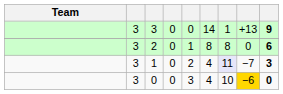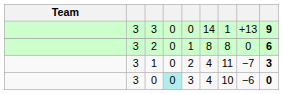 <table class="wikitable" style="text-align: center;">
 <tr>
 <th width=175>Team</th>
 <th width=20></th>
 <th width=20></th>
 <th width=20></th>
 <th width=20></th>
 <th width=20></th>
 <th width=20></th>
 <th width=20></th>
 <th width=20></th>
 </tr>
 <tr bgcolor="#ccffcc">
 <td style="text-align:left;"><em></em></td>
 <td>3</td>
 <td>3</td>
 <td>0</td>
 <td>0</td>
 <td>14</td>
 <td>1</td>
 <td>+13</td>
 <td><strong>9</strong></td>
 </tr>
 <tr align=center>
 </tr>
 <tr bgcolor="#ccffcc">
 <td style="text-align:left;"></td>
 <td>3</td>
 <td>2</td>
 <td>0</td>
 <td>1</td>
 <td>8</td>
 <td>8</td>
 <td>0</td>
 <td><strong>6</strong></td>
 </tr>
 <tr align=center>
 <td style="text-align:left;"></td>
 <td>3</td>
 <td>1</td>
 <td>0</td>
 <td>2</td>
 <td>4</td>
-<td style="background: lavender;">11</td>
+<td>11</td>
 <td>−7</td>
 <td><strong>3</strong></td>
 </tr>
 <tr align=center>
 <td style="text-align:left;"></td>
 <td>3</td>
 <td>0</td>
-<td>0</td>
+<td style="background: paleturquoise;">0</td>
 <td>3</td>
 <td>4</td>
 <td>10</td>
-<td style="background: gold;">−6</td>
+<td>−6</td>
 <td><strong>0</strong></td>
 </tr>
 </table>
